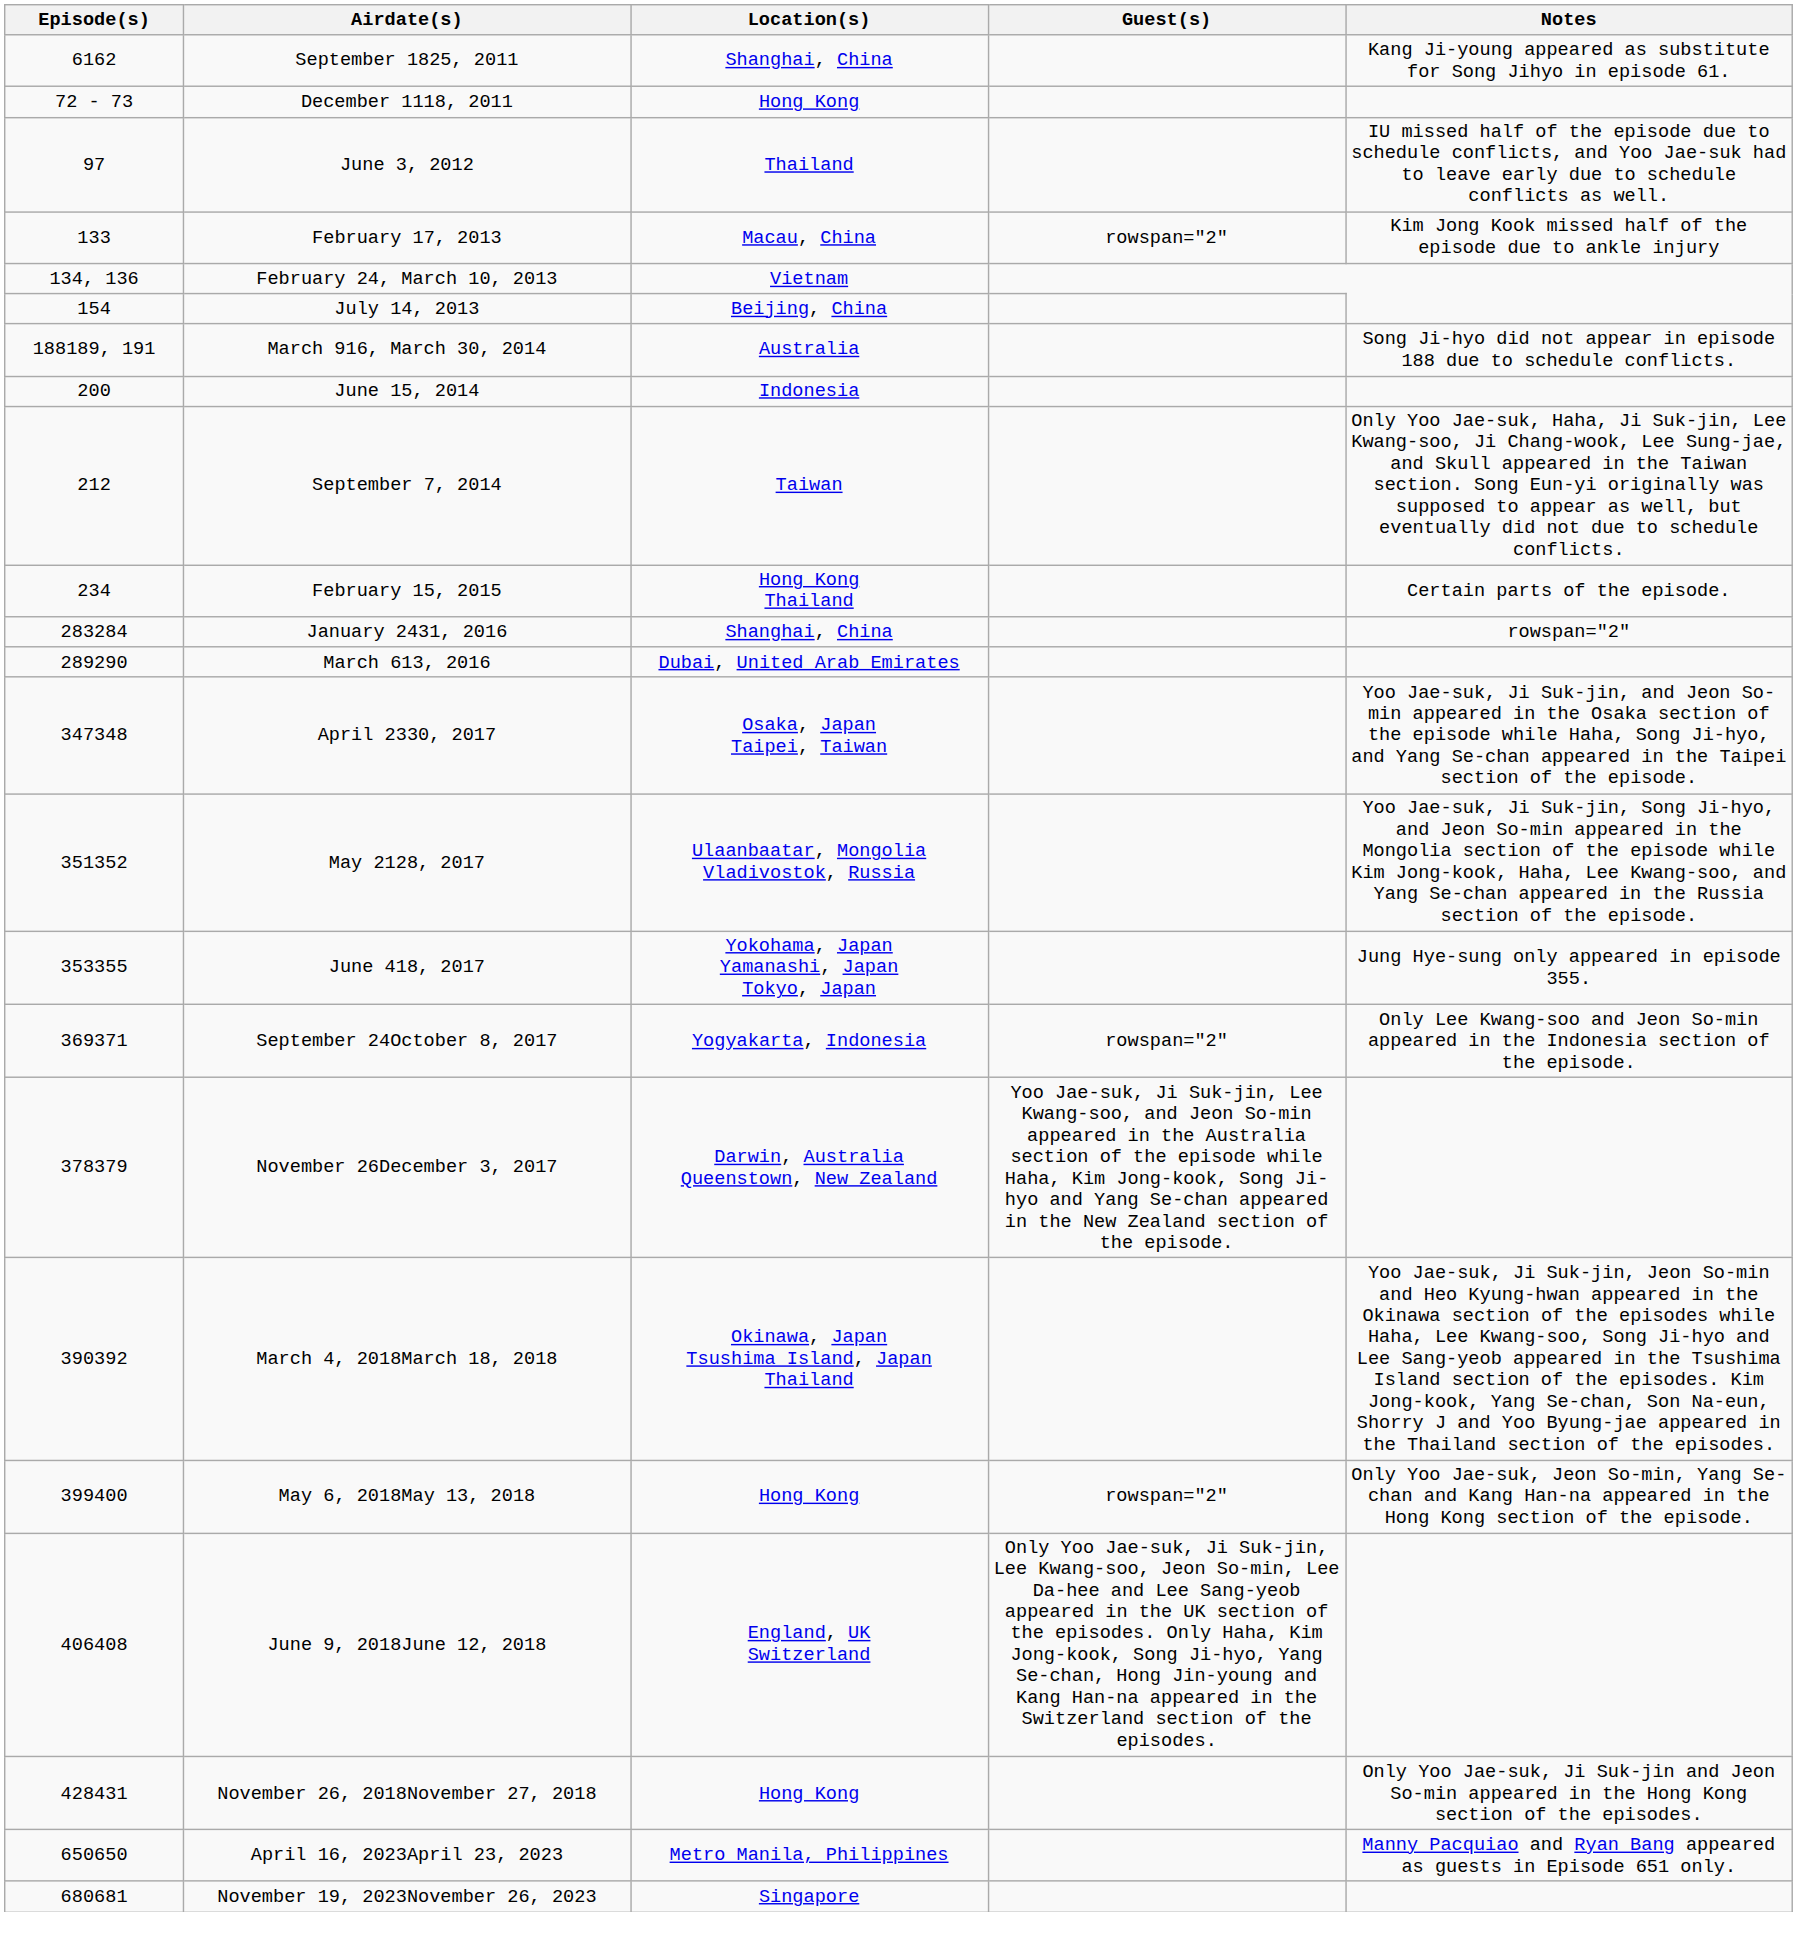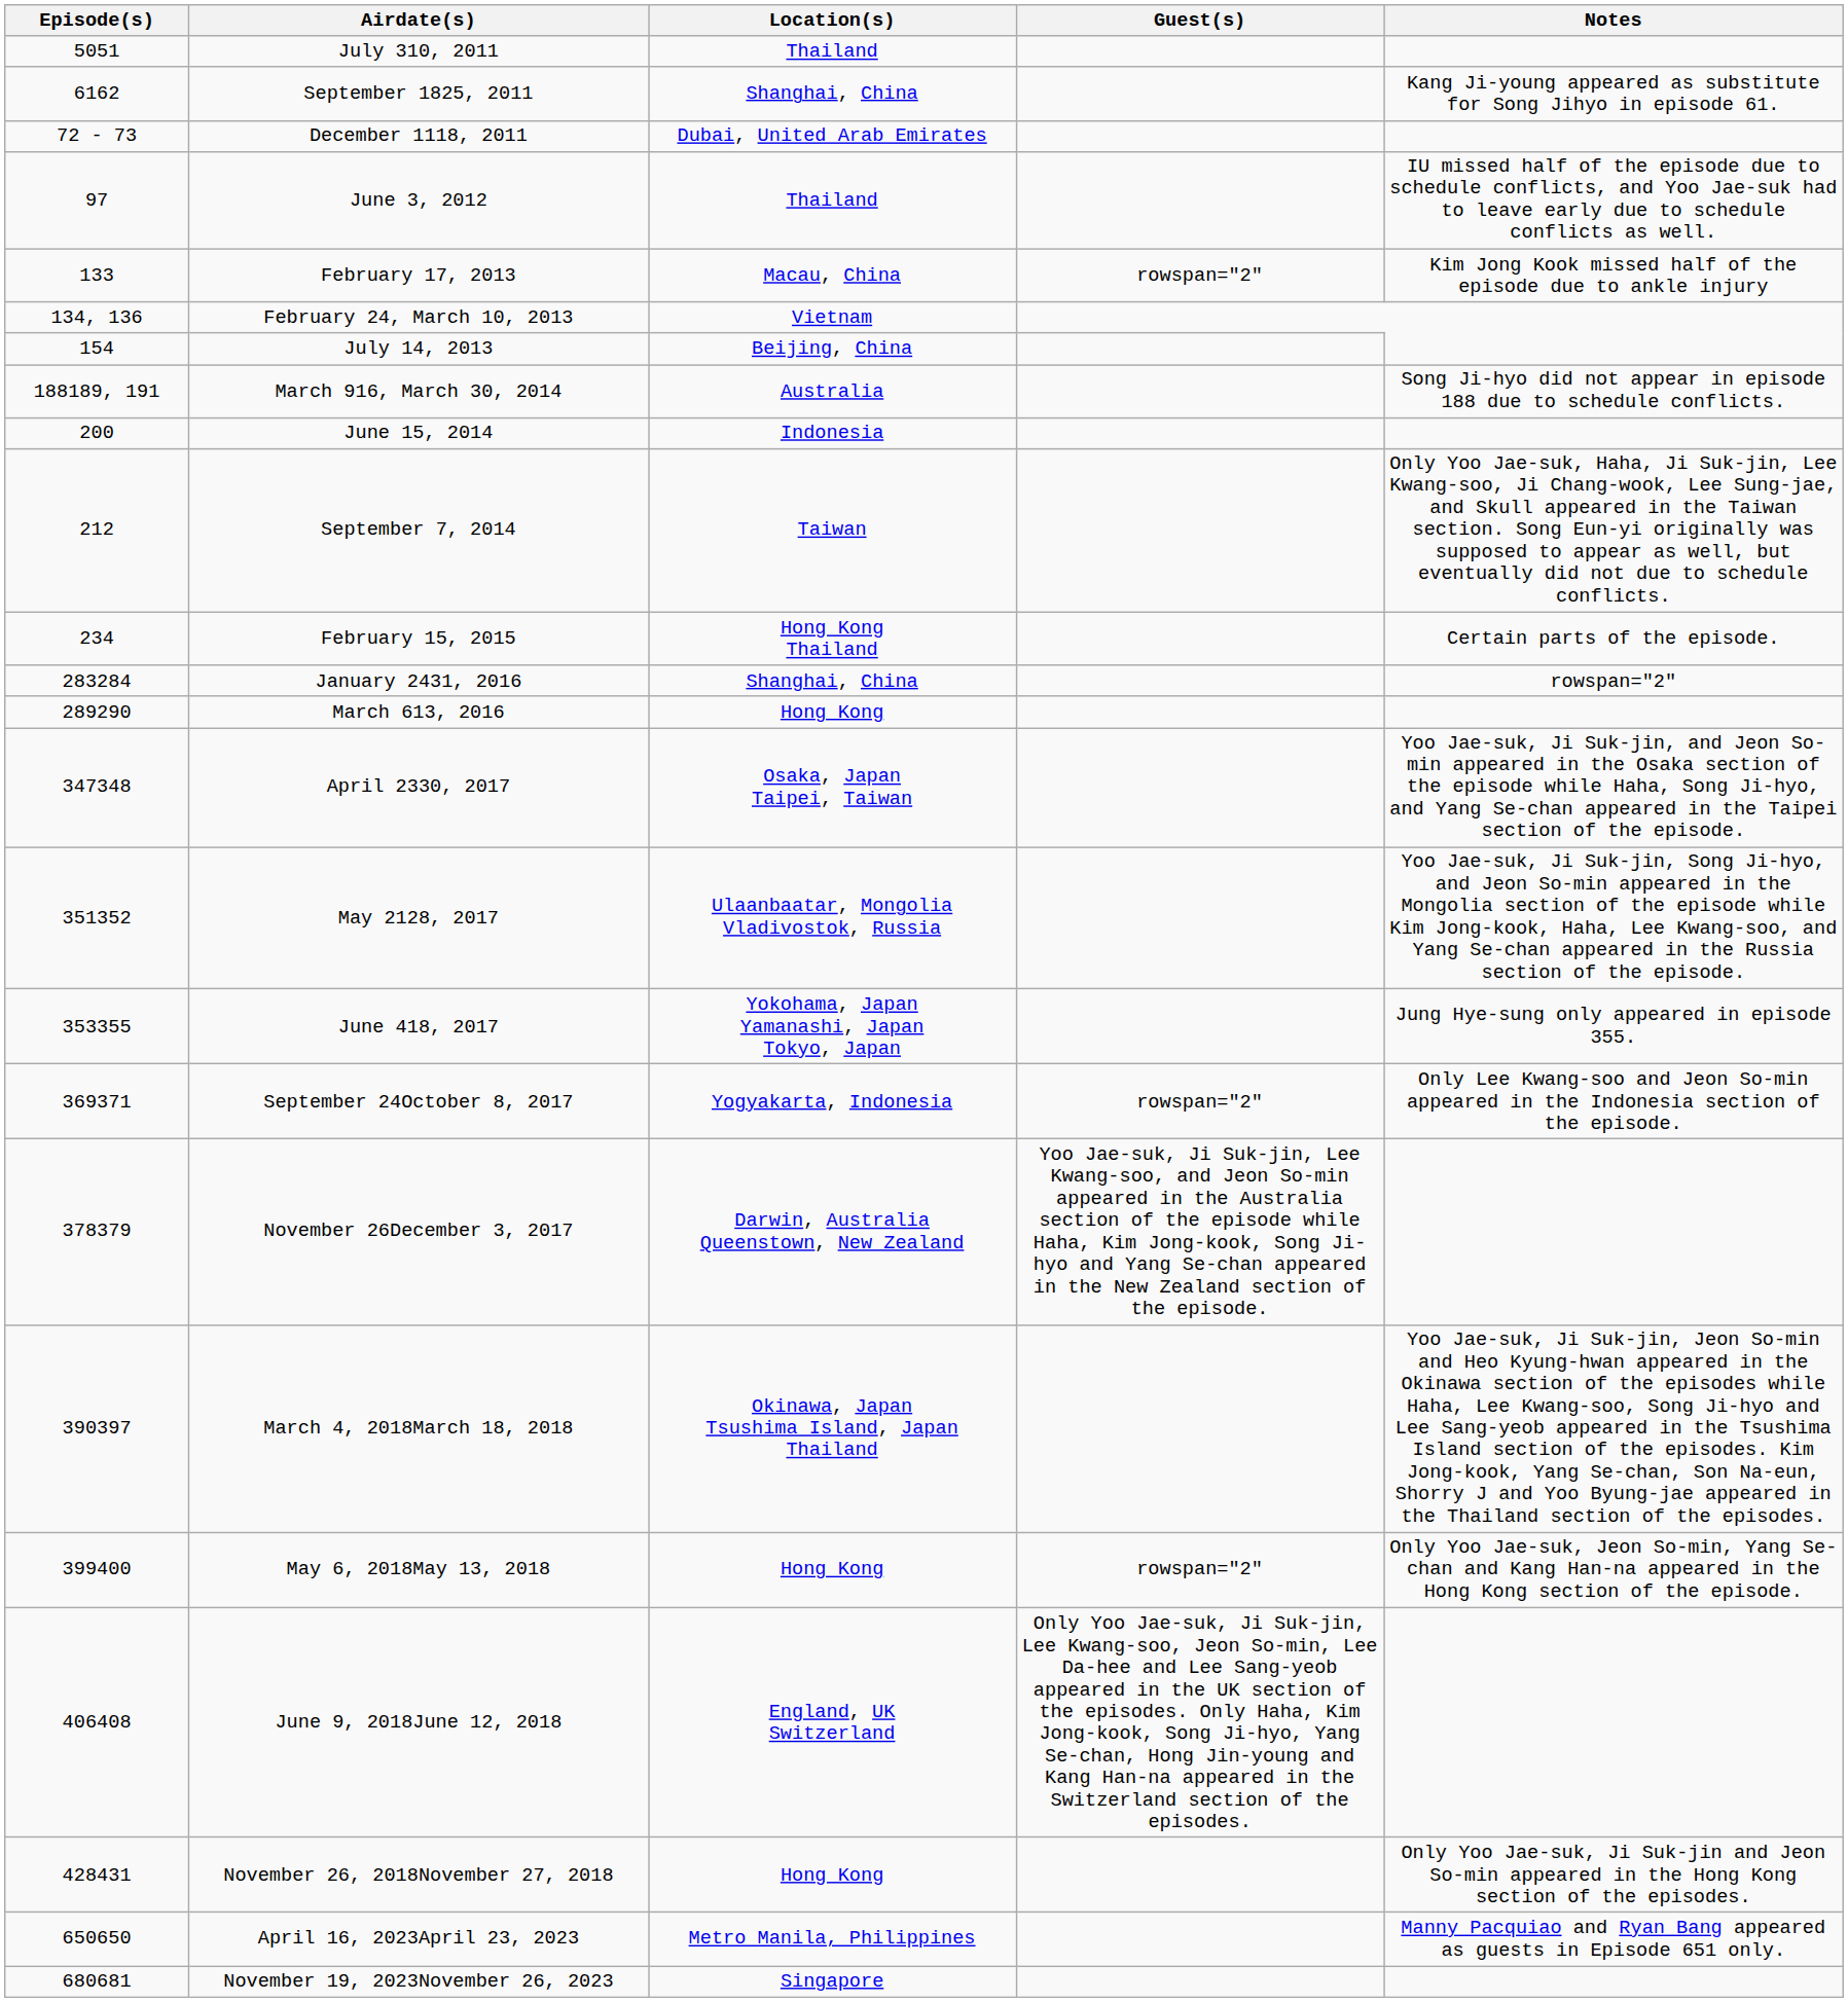 <table class="wikitable" style="text-align:center">
 <tr>
 <th style="width:10%;">Episode(s)</th>
 <th style="width:25%;">Airdate(s)</th>
 <th style="width:20%;">Location(s)</th>
 <th style="width:20%;">Guest(s)</th>
 <th style="width:35%;">Notes</th>
+</tr>
+<tr>
+<td>5051</td>
+<td>July 310, 2011</td>
+<td><a href='#'>Thailand</a></td>
+<td></td>
+<td></td>
 </tr>
 <tr>
 <td>6162</td>
 <td>September 1825, 2011</td>
 <td><a href='#'>Shanghai</a>, <a href='#'>China</a></td>
 <td></td>
 <td>Kang Ji-young appeared as substitute for Song Jihyo in episode 61.</td>
 </tr>
 <tr>
 <td>72 - 73</td>
 <td>December 1118, 2011</td>
-<td><a href='#'>Hong Kong</a></td>
+<td><a href='#'>Dubai</a>, <a href='#'>United Arab Emirates</a></td>
 <td></td>
 <td></td>
 </tr>
 <tr>
 <td>97</td>
 <td>June 3, 2012</td>
 <td><a href='#'>Thailand</a></td>
 <td></td>
 <td>IU missed half of the episode due to schedule conflicts, and Yoo Jae-suk had to leave early due to schedule conflicts as well.</td>
 </tr>
 <tr>
 <td>133</td>
 <td>February 17, 2013</td>
 <td><a href='#'>Macau</a>, <a href='#'>China</a></td>
 <td>rowspan="2" </td>
 <td>Kim Jong Kook missed half of the episode due to ankle injury</td>
 </tr>
 <tr>
 <td>134, 136</td>
 <td>February 24, March 10, 2013</td>
 <td><a href='#'>Vietnam</a></td>
 </tr>
 <tr>
 <td>154</td>
 <td>July 14, 2013</td>
 <td><a href='#'>Beijing</a>, <a href='#'>China</a></td>
 <td></td>
 </tr>
 <tr>
 <td>188189, 191</td>
 <td>March 916, March 30, 2014</td>
 <td><a href='#'>Australia</a></td>
 <td></td>
 <td>Song Ji-hyo did not appear in episode 188 due to schedule conflicts.</td>
 </tr>
 <tr>
 <td>200</td>
 <td>June 15, 2014</td>
 <td><a href='#'>Indonesia</a></td>
 <td></td>
 <td></td>
 </tr>
 <tr>
 <td>212</td>
 <td>September 7, 2014</td>
 <td><a href='#'>Taiwan</a></td>
 <td></td>
 <td>Only Yoo Jae-suk, Haha, Ji Suk-jin, Lee Kwang-soo, Ji Chang-wook, Lee Sung-jae, and Skull appeared in the Taiwan section. Song Eun-yi originally was supposed to appear as well, but eventually did not due to schedule conflicts.</td>
 </tr>
 <tr>
 <td>234</td>
 <td>February 15, 2015</td>
 <td><a href='#'>Hong Kong</a><br><a href='#'>Thailand</a></td>
 <td></td>
 <td>Certain parts of the episode.</td>
 </tr>
 <tr>
 <td>283284</td>
 <td>January 2431, 2016</td>
 <td><a href='#'>Shanghai</a>, <a href='#'>China</a></td>
 <td></td>
 <td>rowspan="2" </td>
 </tr>
 <tr>
 <td>289290</td>
 <td>March 613, 2016</td>
-<td><a href='#'>Dubai</a>, <a href='#'>United Arab Emirates</a></td>
+<td><a href='#'>Hong Kong</a></td>
 <td></td>
 </tr>
 <tr>
 <td>347348</td>
 <td>April 2330, 2017</td>
 <td><a href='#'>Osaka</a>, <a href='#'>Japan</a><br><a href='#'>Taipei</a>, <a href='#'>Taiwan</a></td>
 <td></td>
 <td>Yoo Jae-suk, Ji Suk-jin, and Jeon So-min appeared in the Osaka section of the episode while Haha, Song Ji-hyo, and Yang Se-chan appeared in the Taipei section of the episode.</td>
 </tr>
 <tr>
 <td>351352</td>
 <td>May 2128, 2017</td>
 <td><a href='#'>Ulaanbaatar</a>, <a href='#'>Mongolia</a><br><a href='#'>Vladivostok</a>, <a href='#'>Russia</a></td>
 <td></td>
 <td>Yoo Jae-suk, Ji Suk-jin, Song Ji-hyo, and Jeon So-min appeared in the Mongolia section of the episode while Kim Jong-kook, Haha, Lee Kwang-soo, and Yang Se-chan appeared in the Russia section of the episode.</td>
 </tr>
 <tr>
 <td>353355</td>
 <td>June 418, 2017</td>
 <td><a href='#'>Yokohama</a>, <a href='#'>Japan</a><br><a href='#'>Yamanashi</a>, <a href='#'>Japan</a><br><a href='#'>Tokyo</a>, <a href='#'>Japan</a></td>
 <td></td>
 <td>Jung Hye-sung only appeared in episode 355.</td>
 </tr>
 <tr>
 <td>369371</td>
 <td>September 24October 8, 2017</td>
 <td><a href='#'>Yogyakarta</a>, <a href='#'>Indonesia</a></td>
 <td>rowspan="2" </td>
 <td>Only Lee Kwang-soo and Jeon So-min appeared in the Indonesia section of the episode.</td>
 </tr>
 <tr>
 <td>378379</td>
 <td>November 26December 3, 2017</td>
 <td><a href='#'>Darwin</a>, <a href='#'>Australia</a><br><a href='#'>Queenstown</a>, <a href='#'>New Zealand</a></td>
 <td>Yoo Jae-suk, Ji Suk-jin, Lee Kwang-soo, and Jeon So-min appeared in the Australia section of the episode while Haha, Kim Jong-kook, Song Ji-hyo and Yang Se-chan appeared in the New Zealand section of the episode.</td>
 </tr>
 <tr>
-<td>390392</td>
+<td>390397</td>
 <td>March 4, 2018March 18, 2018</td>
 <td><a href='#'>Okinawa</a>, <a href='#'>Japan</a><br><a href='#'>Tsushima Island</a>, <a href='#'>Japan</a><br><a href='#'>Thailand</a></td>
 <td></td>
 <td>Yoo Jae-suk, Ji Suk-jin, Jeon So-min and Heo Kyung-hwan appeared in the Okinawa section of the episodes while Haha, Lee Kwang-soo, Song Ji-hyo and Lee Sang-yeob appeared in the Tsushima Island section of the episodes. Kim Jong-kook, Yang Se-chan, Son Na-eun, Shorry J and Yoo Byung-jae appeared in the Thailand section of the episodes.</td>
 </tr>
 <tr>
 <td>399400</td>
 <td>May 6, 2018May 13, 2018</td>
 <td><a href='#'>Hong Kong</a></td>
 <td>rowspan="2" </td>
 <td>Only Yoo Jae-suk, Jeon So-min, Yang Se-chan and Kang Han-na appeared in the Hong Kong section of the episode.</td>
 </tr>
 <tr>
 <td>406408</td>
 <td>June 9, 2018June 12, 2018</td>
 <td><a href='#'>England</a>, <a href='#'>UK</a><br><a href='#'>Switzerland</a></td>
 <td>Only Yoo Jae-suk, Ji Suk-jin, Lee Kwang-soo, Jeon So-min, Lee Da-hee and Lee Sang-yeob appeared in the UK section of the episodes. Only Haha, Kim Jong-kook, Song Ji-hyo, Yang Se-chan, Hong Jin-young and Kang Han-na appeared in the Switzerland section of the episodes.</td>
 </tr>
 <tr>
 <td>428431</td>
 <td>November 26, 2018November 27, 2018</td>
 <td><a href='#'>Hong Kong</a></td>
 <td></td>
 <td>Only Yoo Jae-suk, Ji Suk-jin and Jeon So-min appeared in the Hong Kong section of the episodes.</td>
 </tr>
 <tr>
 <td>650650</td>
 <td>April 16, 2023April 23, 2023</td>
 <td><a href='#'>Metro Manila, Philippines</a></td>
 <td></td>
 <td><a href='#'>Manny Pacquiao</a> and <a href='#'>Ryan Bang</a> appeared as guests in Episode 651 only.</td>
 </tr>
 <tr>
 <td>680681</td>
 <td>November 19, 2023November 26, 2023</td>
 <td><a href='#'>Singapore</a></td>
 <td></td>
 <td></td>
 </tr>
 </table>
